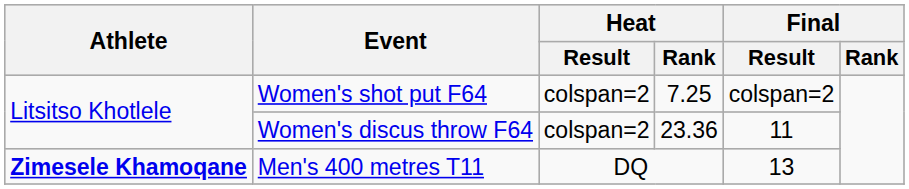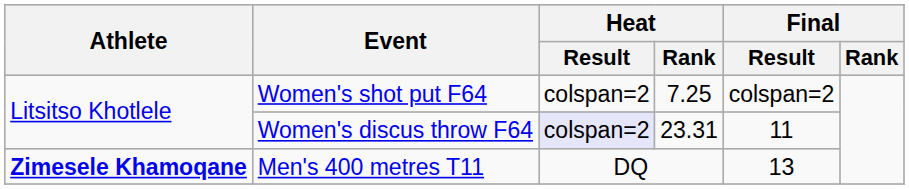 <table class="wikitable" style="text-align: center; font-size:90%">
 <tr>
 <th rowspan="2">Athlete</th>
 <th rowspan="2">Event</th>
 <th colspan="2">Heat</th>
 <th colspan="2">Final</th>
 </tr>
 <tr style="font-size:95%">
 <th>Result</th>
 <th>Rank</th>
 <th>Result</th>
 <th>Rank</th>
 </tr>
 <tr>
 <td align=left rowspan="2"><a href='#'>Litsitso Khotlele</a></td>
 <td align=left><a href='#'>Women's shot put F64</a></td>
 <td>colspan=2 </td>
 <td>7.25</td>
 <td>colspan=2 </td>
 </tr>
 <tr>
 <td align=left><a href='#'>Women's discus throw F64</a></td>
-<td>colspan=2 </td>
-<td>23.36</td>
+<td style="background: lavender;">colspan=2 </td>
+<td>23.31</td>
 <td>11</td>
 </tr>
 <tr>
 <td align=left><strong><a href='#'>Zimesele Khamoqane</a></strong></td>
 <td align=left><a href='#'>Men's 400 metres T11</a></td>
 <td colspan=2>DQ</td>
 <td>13</td>
 </tr>
 </table>
